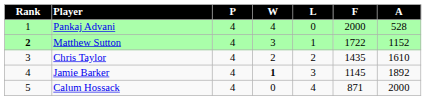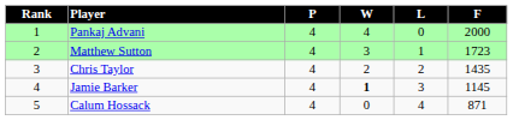 <table border="2" cellpadding="2" cellspacing="0" style="margin: 0; background: #f9f9f9; border: 1px #aaa solid; border-collapse: collapse; font-size: 100%;" width=50%>
 <tr>
 <th bgcolor="000000" style="color:white; text-align:center" width=5%>Rank</th>
 <th bgcolor="000000" style="color:white; text-align:left" width=20%>Player</th>
 <th bgcolor="000000" style="color:white; text-align:center" width=5%>P</th>
 <th bgcolor="000000" style="color:white; text-align:center" width=5%>W</th>
 <th bgcolor="000000" style="color:white; text-align:center" width=5%>L</th>
 <th bgcolor="000000" style="color:white; text-align:center" width=5%>F</th>
-<th bgcolor="000000" style="color:white; text-align:center" width=5%>A</th>
 </tr>
 <tr>
 <td style="text-align:center; background:#aaffaa">1</td>
 <td style="text-align:left; background:#aaffaa"> <a href='#'>Pankaj Advani</a></td>
 <td style="text-align:center; background:#aaffaa">4</td>
 <td style="text-align:center; background:#aaffaa">4</td>
 <td style="text-align:center; background:#aaffaa">0</td>
 <td style="text-align:center; background:#aaffaa">2000</td>
-<td style="text-align:center; background:#aaffaa">528</td>
 </tr>
 <tr>
-<td style="text-align:center; background:#aaffaa"><strong>2</strong></td>
+<td style="text-align:center; background:#aaffaa">2</td>
 <td style="text-align:left; background:#aaffaa"> <a href='#'>Matthew Sutton</a></td>
 <td style="text-align:center; background:#aaffaa">4</td>
 <td style="text-align:center; background:#aaffaa">3</td>
 <td style="text-align:center; background:#aaffaa">1</td>
-<td style="text-align:center; background:#aaffaa">1722</td>
-<td style="text-align:center; background:#aaffaa">1152</td>
+<td style="text-align:center; background:#aaffaa">1723</td>
 </tr>
 <tr>
 <td style="text-align:center">3</td>
 <td style="text-align:left;"> <a href='#'>Chris Taylor</a></td>
 <td style="text-align:center;">4</td>
 <td style="text-align:center;">2</td>
 <td style="text-align:center;">2</td>
 <td style="text-align:center;">1435</td>
-<td style="text-align:center;">1610</td>
 </tr>
 <tr>
 <td style="text-align:center">4</td>
 <td style="text-align:left;"> <a href='#'>Jamie Barker</a></td>
 <td style="text-align:center;">4</td>
 <td style="text-align:center;"><strong>1</strong></td>
 <td style="text-align:center;">3</td>
 <td style="text-align:center;">1145</td>
-<td style="text-align:center;">1892</td>
 </tr>
 <tr>
 <td style="text-align:center">5</td>
 <td style="text-align:left;"> <a href='#'>Calum Hossack</a></td>
 <td style="text-align:center;">4</td>
 <td style="text-align:center;">0</td>
 <td style="text-align:center;">4</td>
 <td style="text-align:center;">871</td>
-<td style="text-align:center;">2000</td>
 </tr>
 </table>
